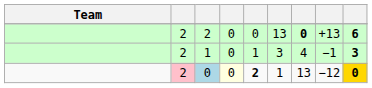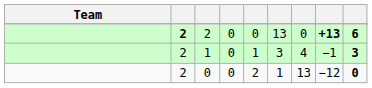 <table class="wikitable" style="text-align:center">
 <tr>
 <th width=175>Team</th>
 <th width=20 abbr="Played"></th>
 <th width=20 abbr="Won"></th>
 <th width=20 abbr="Drawn"></th>
 <th width=20 abbr="Lost"></th>
 <th width=20 abbr="Goals for"></th>
 <th width=20 abbr="Goals against"></th>
 <th width=20 abbr="Goal difference"></th>
 <th width=20 abbr="Points"></th>
 </tr>
 <tr>
 </tr>
 <tr bgcolor="#CCFFCC">
 <td align="left"></td>
-<td>2</td>
+<td><strong>2</strong></td>
 <td>2</td>
 <td>0</td>
 <td>0</td>
 <td>13</td>
-<td><strong>0</strong></td>
-<td>+13</td>
+<td>0</td>
+<td><strong>+13</strong></td>
 <td><strong>6</strong></td>
 </tr>
 <tr bgcolor="#CCFFCC">
 <td align="left"></td>
 <td>2</td>
 <td>1</td>
 <td>0</td>
 <td>1</td>
 <td>3</td>
 <td>4</td>
 <td>−1</td>
 <td><strong>3</strong></td>
 </tr>
 <tr>
 <td align="left"></td>
-<td style="background: pink;">2</td>
-<td style="background: lightblue;">0</td>
-<td style="background: lightyellow;">0</td>
-<td><strong>2</strong></td>
+<td>2</td>
+<td>0</td>
+<td>0</td>
+<td>2</td>
 <td>1</td>
 <td>13</td>
 <td>−12</td>
-<td style="background: gold;"><strong>0</strong></td>
+<td><strong>0</strong></td>
 </tr>
 </table>
